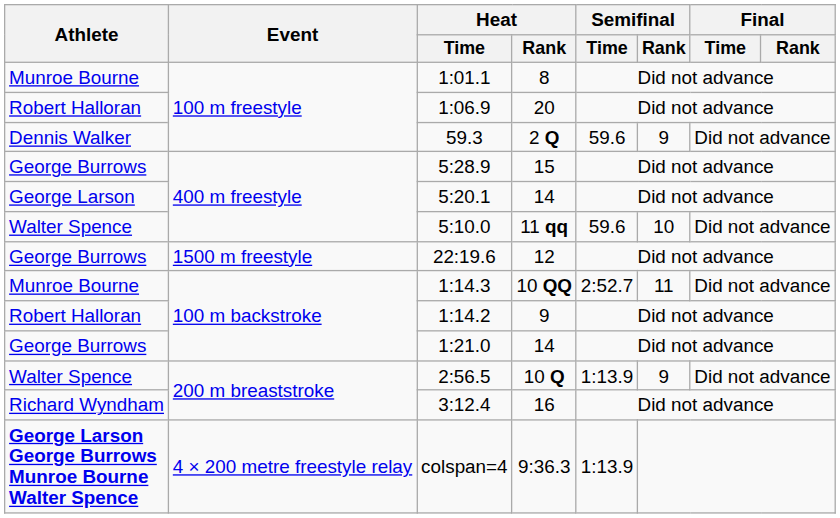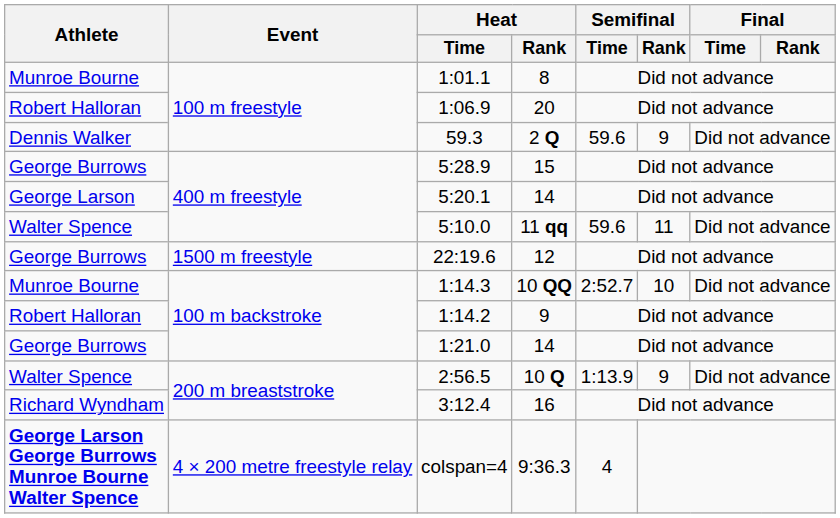 <table class=wikitable style="font-size:90%;">
 <tr>
 <th rowspan=2>Athlete</th>
 <th rowspan=2>Event</th>
 <th colspan=2>Heat</th>
 <th colspan=2>Semifinal</th>
 <th colspan=2>Final</th>
 </tr>
 <tr style="font-size:95%">
 <th>Time</th>
 <th>Rank</th>
 <th>Time</th>
 <th>Rank</th>
 <th>Time</th>
 <th>Rank</th>
 </tr>
 <tr align=center>
 <td align=left><a href='#'>Munroe Bourne</a></td>
 <td rowspan=3 align=left><a href='#'>100 m freestyle</a></td>
 <td>1:01.1</td>
 <td>8</td>
 <td colspan=4>Did not advance</td>
 </tr>
 <tr align=center>
 <td align=left><a href='#'>Robert Halloran</a></td>
 <td>1:06.9</td>
 <td>20</td>
 <td colspan=4>Did not advance</td>
 </tr>
 <tr align=center>
 <td align=left><a href='#'>Dennis Walker</a></td>
 <td>59.3</td>
 <td>2 <strong>Q</strong></td>
 <td>59.6</td>
 <td>9</td>
 <td colspan=2>Did not advance</td>
 </tr>
 <tr align=center>
 <td align=left><a href='#'>George Burrows</a></td>
 <td rowspan=3 align=left><a href='#'>400 m freestyle</a></td>
 <td>5:28.9</td>
 <td>15</td>
 <td colspan=4>Did not advance</td>
 </tr>
 <tr align=center>
 <td align=left><a href='#'>George Larson</a></td>
 <td>5:20.1</td>
 <td>14</td>
 <td colspan=4>Did not advance</td>
 </tr>
 <tr align=center>
 <td align=left><a href='#'>Walter Spence</a></td>
 <td>5:10.0</td>
 <td>11 <strong>qq</strong></td>
 <td>59.6</td>
-<td>10</td>
+<td>11</td>
 <td colspan=2>Did not advance</td>
 </tr>
 <tr align=center>
 <td align=left><a href='#'>George Burrows</a></td>
 <td align=left><a href='#'>1500 m freestyle</a></td>
 <td>22:19.6</td>
 <td>12</td>
 <td colspan=4>Did not advance</td>
 </tr>
 <tr align=center>
 <td align=left><a href='#'>Munroe Bourne</a></td>
 <td rowspan=3 align=left><a href='#'>100 m backstroke</a></td>
 <td>1:14.3</td>
 <td>10 <strong>QQ</strong></td>
 <td>2:52.7</td>
-<td>11</td>
+<td>10</td>
 <td colspan=2>Did not advance</td>
 </tr>
 <tr align=center>
 <td align=left><a href='#'>Robert Halloran</a></td>
 <td>1:14.2</td>
 <td>9</td>
 <td colspan=4>Did not advance</td>
 </tr>
 <tr align=center>
 <td align=left><a href='#'>George Burrows</a></td>
 <td>1:21.0</td>
 <td>14</td>
 <td colspan=4>Did not advance</td>
 </tr>
 <tr align=center>
 <td align=left><a href='#'>Walter Spence</a></td>
 <td rowspan=2 align=left><a href='#'>200 m breaststroke</a></td>
 <td>2:56.5</td>
 <td>10 <strong>Q</strong></td>
 <td>1:13.9</td>
 <td>9</td>
 <td colspan=2>Did not advance</td>
 </tr>
 <tr align=center>
 <td align=left><a href='#'>Richard Wyndham</a></td>
 <td>3:12.4</td>
 <td>16</td>
 <td colspan=4>Did not advance</td>
 </tr>
 <tr align=center>
 <td align=left><strong><a href='#'>George Larson</a><br><a href='#'>George Burrows</a><br><a href='#'>Munroe Bourne</a><br><a href='#'>Walter Spence</a></strong></td>
 <td rowspan=2 align=left><a href='#'>4 × 200 metre freestyle relay</a></td>
 <td>colspan=4 </td>
 <td>9:36.3</td>
-<td>1:13.9</td>
+<td>4</td>
 </tr>
 </table>
